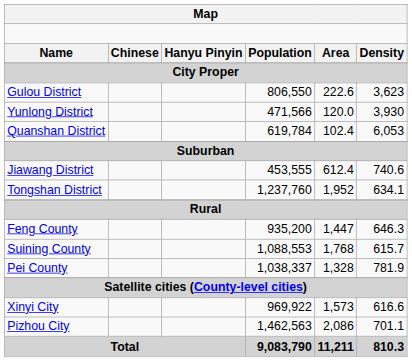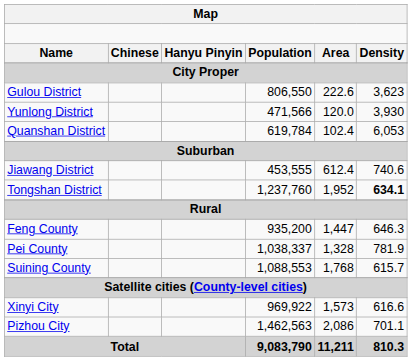 <table class="wikitable">
 <tr>
 <th colspan=6>Map</th>
 </tr>
 <tr>
 <td colspan=6><div><br>             </div></td>
 </tr>
 <tr>
 <th align=left>Name</th>
 <th align=left>Chinese</th>
 <th align=left>Hanyu Pinyin</th>
 <th align=left>Population </th>
 <th align=left>Area </th>
 <th align=left>Density </th>
 </tr>
 <tr>
 </tr>
 <tr style="background:#d3d3d3;">
 <td colspan="6"  style="text-align:center; "><strong>City Proper</strong></td>
 </tr>
 <tr>
 <td align=left><a href='#'>Gulou District</a></td>
 <td align=left></td>
 <td align=left></td>
 <td align=right>806,550</td>
 <td align=right>222.6</td>
 <td align=right>3,623</td>
 </tr>
 <tr>
 <td align=left><a href='#'>Yunlong District</a></td>
 <td align=left></td>
 <td align=left></td>
 <td align=right>471,566</td>
 <td align=right>120.0</td>
 <td align=right>3,930</td>
 </tr>
 <tr>
 <td align=left><a href='#'>Quanshan District</a></td>
 <td align=left></td>
 <td align=left></td>
 <td align=right>619,784</td>
 <td align=right>102.4</td>
 <td align=right>6,053</td>
 </tr>
 <tr>
 </tr>
 <tr style="background:#d3d3d3;">
 <td colspan="6"  style="text-align:center; "><strong>Suburban</strong></td>
 </tr>
 <tr>
 <td align=left><a href='#'>Jiawang District</a></td>
 <td align=left></td>
 <td align=left></td>
 <td align=right>453,555</td>
 <td align=right>612.4</td>
 <td align=right>740.6</td>
 </tr>
 <tr>
 <td align=left><a href='#'>Tongshan District</a></td>
 <td align=left></td>
 <td align=left></td>
 <td align=right>1,237,760</td>
 <td align=right>1,952</td>
-<td align=right>634.1</td>
+<td align=right><strong>634.1</strong></td>
 </tr>
 <tr>
 </tr>
 <tr style="background:#d3d3d3;">
 <td colspan="6"  style="text-align:center; "><strong>Rural</strong></td>
 </tr>
 <tr>
 <td align=left><a href='#'>Feng County</a></td>
 <td align=left></td>
 <td align=left></td>
 <td align=right>935,200</td>
 <td align=right>1,447</td>
 <td align=right>646.3</td>
 </tr>
 <tr>
+<td align=left><a href='#'>Pei County</a></td>
+<td align=left></td>
+<td align=left></td>
+<td align=right>1,038,337</td>
+<td align=right>1,328</td>
+<td align=right>781.9</td>
+</tr>
+<tr>
 <td align=left><a href='#'>Suining County</a></td>
 <td align=left></td>
 <td align=left></td>
 <td align=right>1,088,553</td>
 <td align=right>1,768</td>
 <td align=right>615.7</td>
-</tr>
-<tr>
-<td align=left><a href='#'>Pei County</a></td>
-<td align=left></td>
-<td align=left></td>
-<td align=right>1,038,337</td>
-<td align=right>1,328</td>
-<td align=right>781.9</td>
 </tr>
 <tr>
 </tr>
 <tr style="background:#d3d3d3;">
 <td colspan="6"  style="text-align:center; "><strong>Satellite cities (<a href='#'>County-level cities</a>)</strong></td>
 </tr>
 <tr>
 <td align=left><a href='#'>Xinyi City</a></td>
 <td align=left></td>
 <td align=left></td>
 <td align=right>969,922</td>
 <td align=right>1,573</td>
 <td align=right>616.6</td>
 </tr>
 <tr>
 <td align=left><a href='#'>Pizhou City</a></td>
 <td align=left></td>
 <td align=left></td>
 <td align=right>1,462,563</td>
 <td align=right>2,086</td>
 <td align=right>701.1</td>
 </tr>
 <tr style="background:#d3d3d3;">
 <td colspan=3 style="text-align:center; "><strong>Total</strong></td>
 <td align=right><strong>9,083,790</strong></td>
 <td align=right><strong>11,211</strong></td>
 <td align=right><strong>810.3</strong></td>
 </tr>
 </table>
